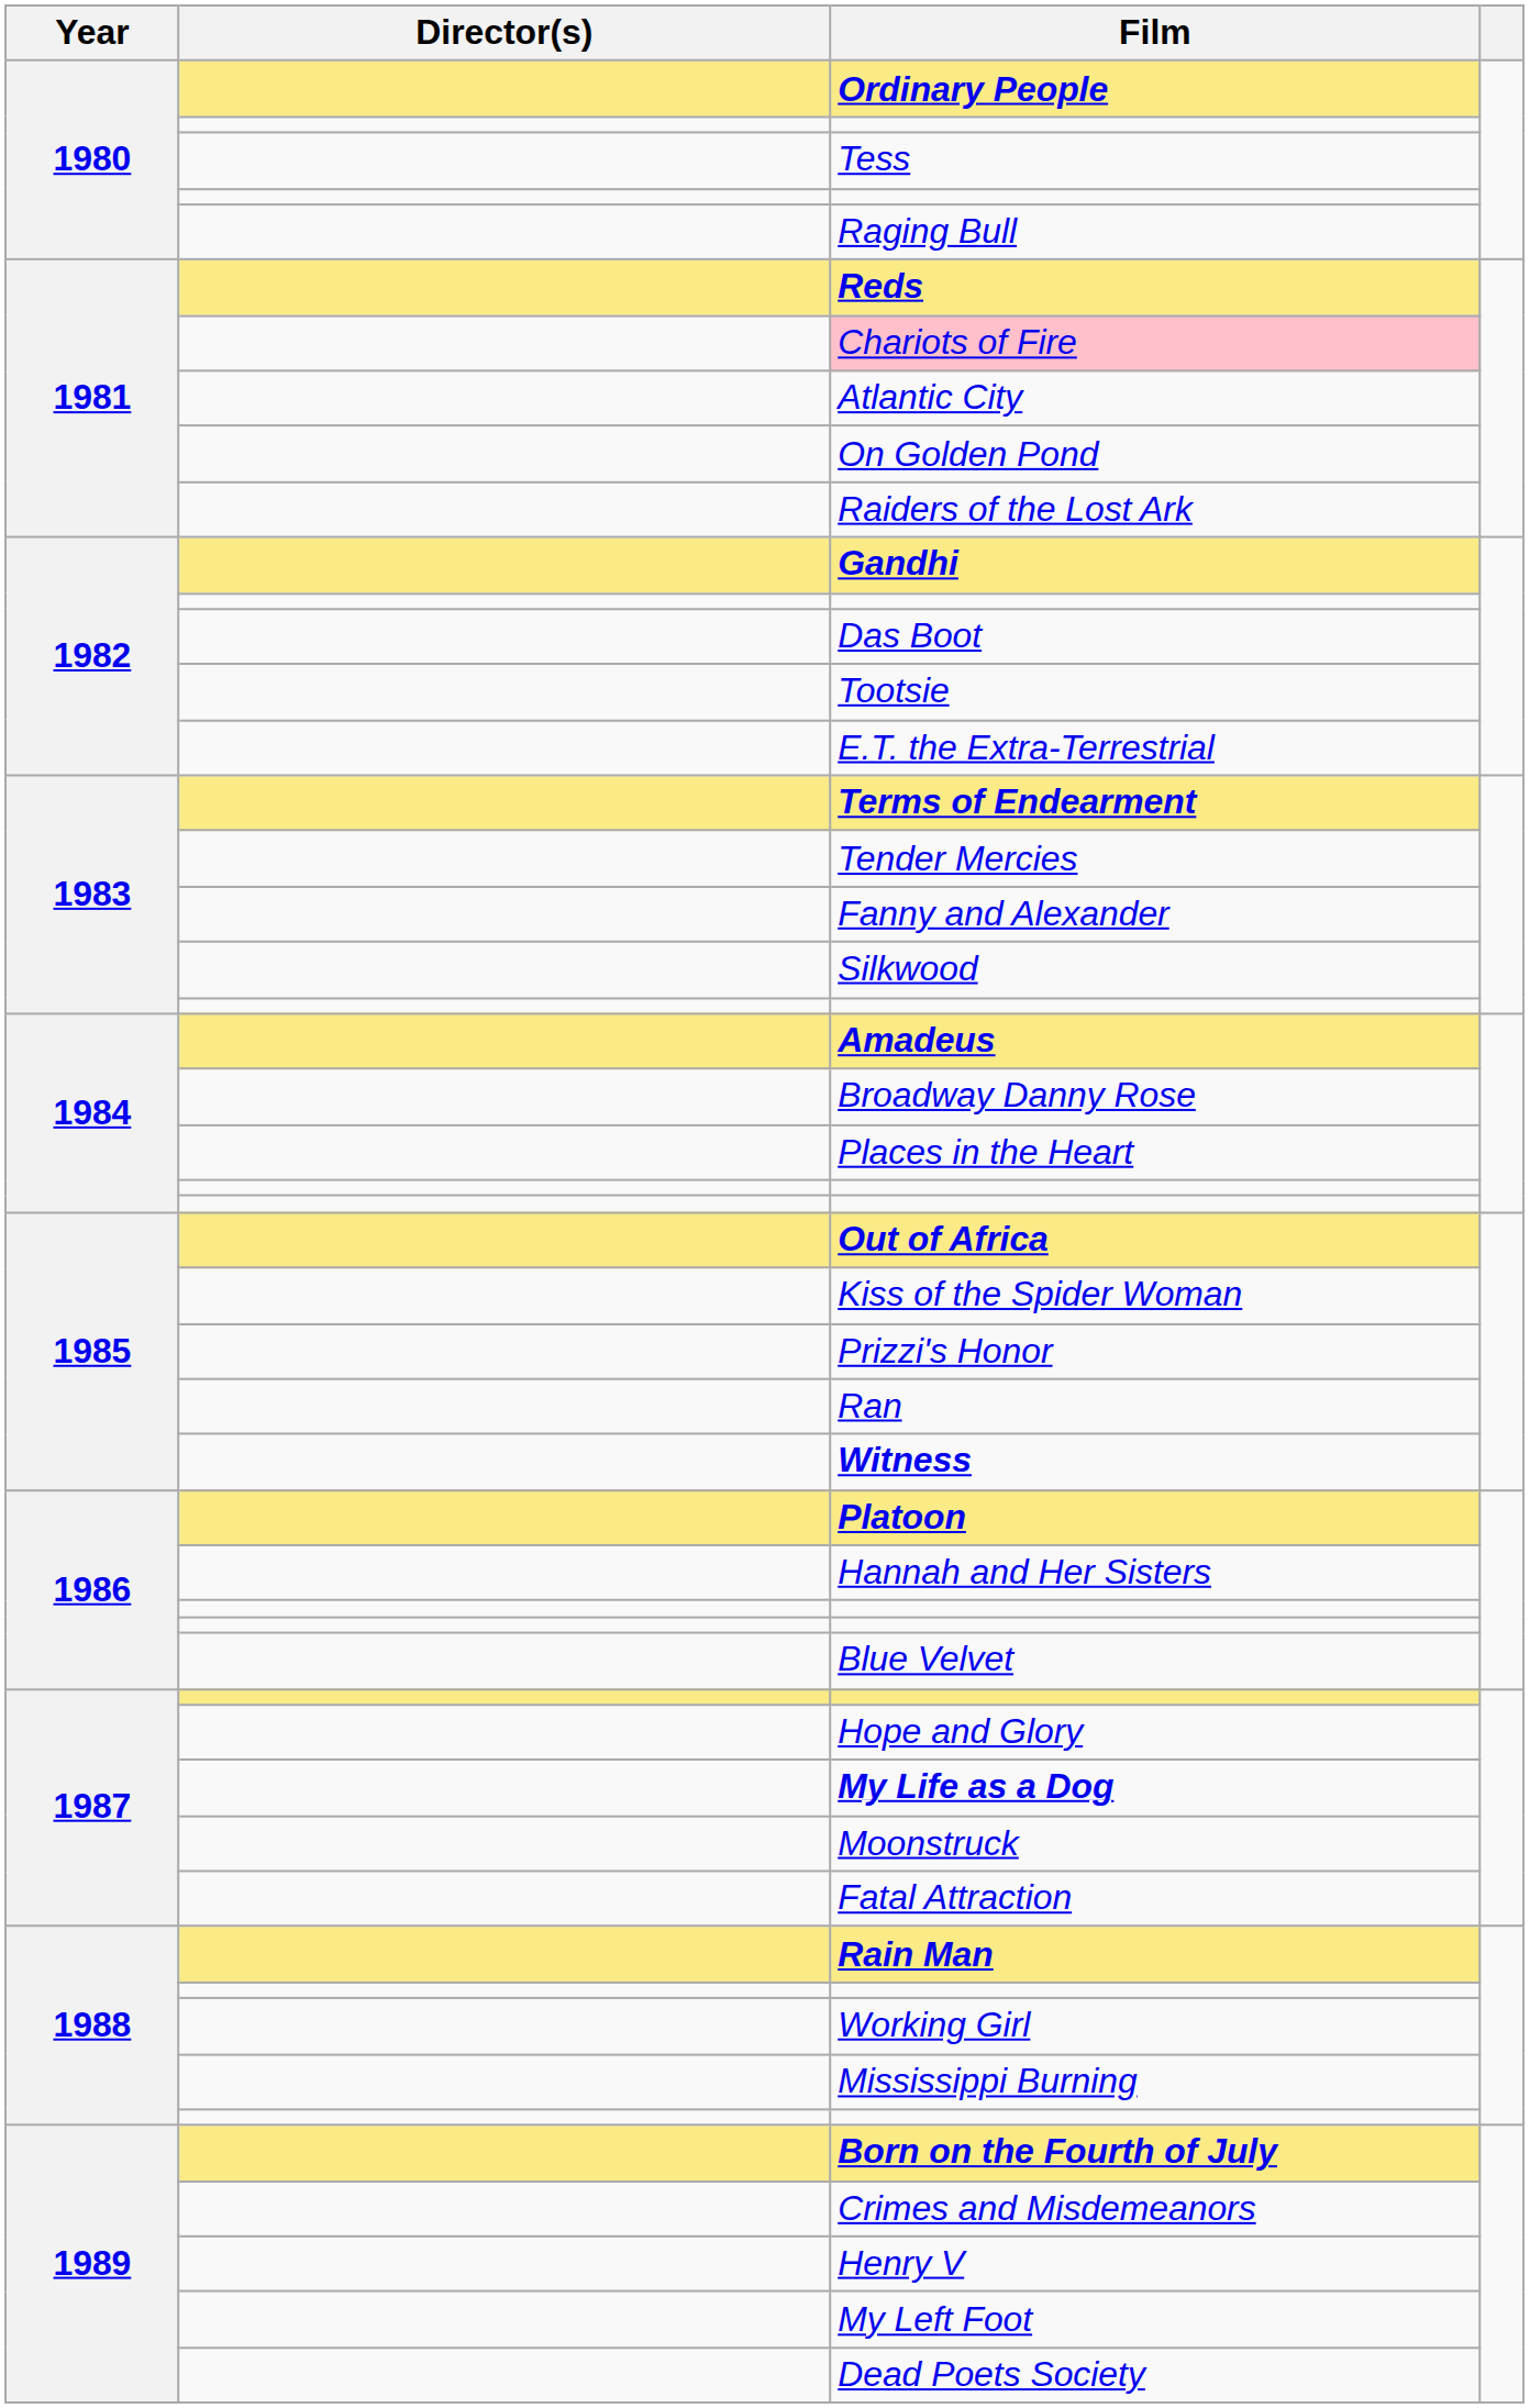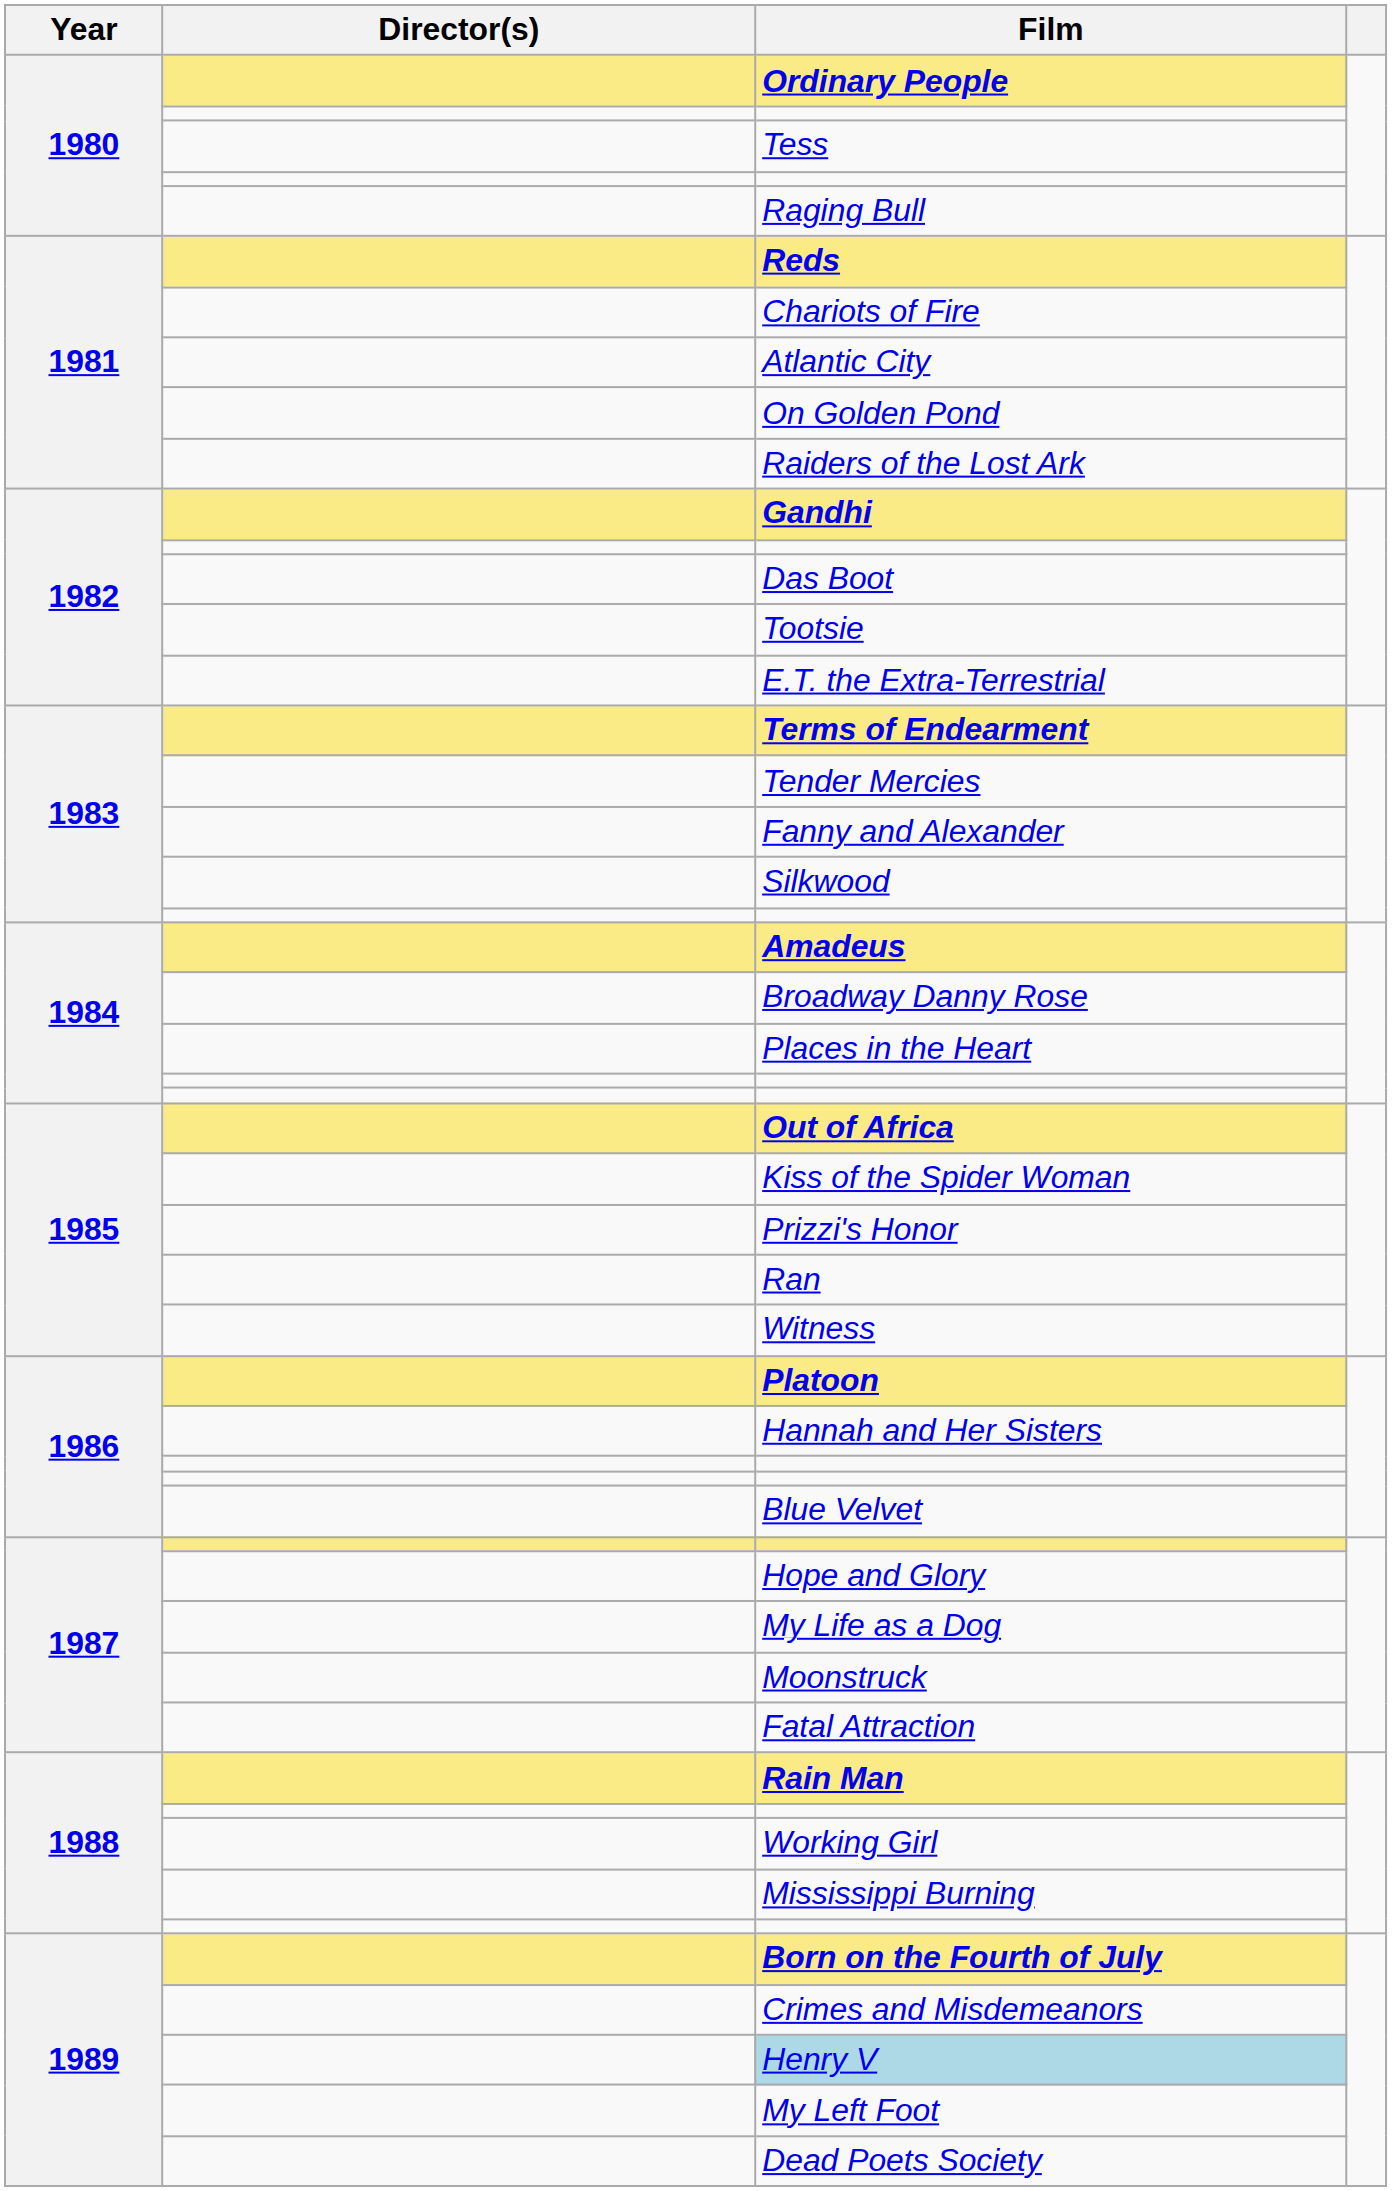 <table class="wikitable sortable">
 <tr>
 <th scope="col" style="width:8%;">Year</th>
 <th scope="col" style="width:30%;">Director(s)</th>
 <th scope="col" style="width:30%;">Film</th>
 <th scope="col" style="width:2%;"></th>
 </tr>
 <tr>
 <th scope="row" rowspan=5 style="text-align:center;"><a href='#'>1980</a><br></th>
 <td style="background:#FAEB86;"><strong></strong></td>
 <td style="background:#FAEB86;"><strong><em><a href='#'>Ordinary People</a></em></strong></td>
 <td rowspan="5"></td>
 </tr>
 <tr>
 <td></td>
 <td></td>
 </tr>
 <tr>
 <td></td>
 <td><em><a href='#'>Tess</a></em></td>
 </tr>
 <tr>
 <td></td>
 <td></td>
 </tr>
 <tr>
 <td></td>
 <td><em><a href='#'>Raging Bull</a></em></td>
 </tr>
 <tr>
 <th scope="row" rowspan=5 style="text-align:center;"><a href='#'>1981</a><br></th>
 <td style="background:#FAEB86;"><strong></strong></td>
 <td style="background:#FAEB86;"><strong><em><a href='#'>Reds</a></em></strong></td>
 <td rowspan="5"></td>
 </tr>
 <tr>
 <td></td>
-<td style="background: pink;"><em><a href='#'>Chariots of Fire</a></em></td>
+<td><em><a href='#'>Chariots of Fire</a></em></td>
 </tr>
 <tr>
 <td></td>
 <td><em><a href='#'>Atlantic City</a></em></td>
 </tr>
 <tr>
 <td></td>
 <td><em><a href='#'>On Golden Pond</a></em></td>
 </tr>
 <tr>
 <td></td>
 <td><em><a href='#'>Raiders of the Lost Ark</a></em></td>
 </tr>
 <tr>
 <th scope="row" rowspan=5 style="text-align:center;"><a href='#'>1982</a><br></th>
 <td style="background:#FAEB86;"><strong></strong></td>
 <td style="background:#FAEB86;"><strong><em><a href='#'>Gandhi</a></em></strong></td>
 <td rowspan="5"></td>
 </tr>
 <tr>
 <td></td>
 <td></td>
 </tr>
 <tr>
 <td></td>
 <td><em><a href='#'>Das Boot</a></em></td>
 </tr>
 <tr>
 <td></td>
 <td><em><a href='#'>Tootsie</a></em></td>
 </tr>
 <tr>
 <td></td>
 <td><em><a href='#'>E.T. the Extra-Terrestrial</a></em></td>
 </tr>
 <tr>
 <th scope="row" rowspan=5 style="text-align:center;"><a href='#'>1983</a><br></th>
 <td style="background:#FAEB86;"><strong></strong></td>
 <td style="background:#FAEB86;"><strong><em><a href='#'>Terms of Endearment</a></em></strong></td>
 <td rowspan="5"></td>
 </tr>
 <tr>
 <td></td>
 <td><em><a href='#'>Tender Mercies</a></em></td>
 </tr>
 <tr>
 <td></td>
 <td><em><a href='#'>Fanny and Alexander</a></em></td>
 </tr>
 <tr>
 <td></td>
 <td><em><a href='#'>Silkwood</a></em></td>
 </tr>
 <tr>
 <td></td>
 <td></td>
 </tr>
 <tr>
 <th scope="row" rowspan=5 style="text-align:center;"><a href='#'>1984</a><br></th>
 <td style="background:#FAEB86;"><strong></strong></td>
 <td style="background:#FAEB86;"><strong><em><a href='#'>Amadeus</a></em></strong></td>
 <td rowspan="5"></td>
 </tr>
 <tr>
 <td></td>
 <td><em><a href='#'>Broadway Danny Rose</a></em></td>
 </tr>
 <tr>
 <td></td>
 <td><em><a href='#'>Places in the Heart</a></em></td>
 </tr>
 <tr>
 <td></td>
 <td></td>
 </tr>
 <tr>
 <td></td>
 <td></td>
 </tr>
 <tr>
 <th scope="row" rowspan=5 style="text-align:center;"><a href='#'>1985</a><br></th>
 <td style="background:#FAEB86;"><strong></strong></td>
 <td style="background:#FAEB86;"><strong><em><a href='#'>Out of Africa</a></em></strong></td>
 <td rowspan="5"></td>
 </tr>
 <tr>
 <td></td>
 <td><em><a href='#'>Kiss of the Spider Woman</a></em></td>
 </tr>
 <tr>
 <td></td>
 <td><em><a href='#'>Prizzi's Honor</a></em></td>
 </tr>
 <tr>
 <td></td>
 <td><em><a href='#'>Ran</a></em></td>
 </tr>
 <tr>
 <td></td>
-<td><strong><em><a href='#'>Witness</a></em></strong></td>
+<td><em><a href='#'>Witness</a></em></td>
 </tr>
 <tr>
 <th scope="row" rowspan=5 style="text-align:center;"><a href='#'>1986</a><br></th>
 <td style="background:#FAEB86;"><strong></strong></td>
 <td style="background:#FAEB86;"><strong><em><a href='#'>Platoon</a></em></strong></td>
 <td rowspan="5"></td>
 </tr>
 <tr>
 <td></td>
 <td><em><a href='#'>Hannah and Her Sisters</a></em></td>
 </tr>
 <tr>
 <td></td>
 <td></td>
 </tr>
 <tr>
 <td></td>
 <td></td>
 </tr>
 <tr>
 <td></td>
 <td><em><a href='#'>Blue Velvet</a></em></td>
 </tr>
 <tr>
 <th scope="row" rowspan=5 style="text-align:center;"><a href='#'>1987</a><br></th>
 <td style="background:#FAEB86;"><strong></strong></td>
 <td style="background:#FAEB86;"><strong></strong></td>
 <td rowspan="5"></td>
 </tr>
 <tr>
 <td></td>
 <td><em><a href='#'>Hope and Glory</a></em></td>
 </tr>
 <tr>
 <td></td>
-<td><strong><em><a href='#'>My Life as a Dog</a></em></strong></td>
+<td><em><a href='#'>My Life as a Dog</a></em></td>
 </tr>
 <tr>
 <td></td>
 <td><em><a href='#'>Moonstruck</a></em></td>
 </tr>
 <tr>
 <td></td>
 <td><em><a href='#'>Fatal Attraction</a></em></td>
 </tr>
 <tr>
 <th scope="row" rowspan=5 style="text-align:center;"><a href='#'>1988</a><br></th>
 <td style="background:#FAEB86;"><strong></strong></td>
 <td style="background:#FAEB86;"><strong><em><a href='#'>Rain Man</a></em></strong></td>
 <td rowspan="5"></td>
 </tr>
 <tr>
 <td></td>
 <td></td>
 </tr>
 <tr>
 <td></td>
 <td><em><a href='#'>Working Girl</a></em></td>
 </tr>
 <tr>
 <td></td>
 <td><em><a href='#'>Mississippi Burning</a></em></td>
 </tr>
 <tr>
 <td></td>
 <td></td>
 </tr>
 <tr>
 <th scope="row" rowspan=5 style="text-align:center;"><a href='#'>1989</a><br></th>
 <td style="background:#FAEB86;"><strong></strong></td>
 <td style="background:#FAEB86;"><strong><em><a href='#'>Born on the Fourth of July</a></em></strong></td>
 <td rowspan="5"></td>
 </tr>
 <tr>
 <td></td>
 <td><em><a href='#'>Crimes and Misdemeanors</a></em></td>
 </tr>
 <tr>
 <td></td>
-<td><em><a href='#'>Henry V</a></em></td>
+<td style="background: lightblue;"><em><a href='#'>Henry V</a></em></td>
 </tr>
 <tr>
 <td></td>
 <td><em><a href='#'>My Left Foot</a></em></td>
 </tr>
 <tr>
 <td></td>
 <td><em><a href='#'>Dead Poets Society</a></em></td>
 </tr>
 <tr>
 </tr>
 </table>
